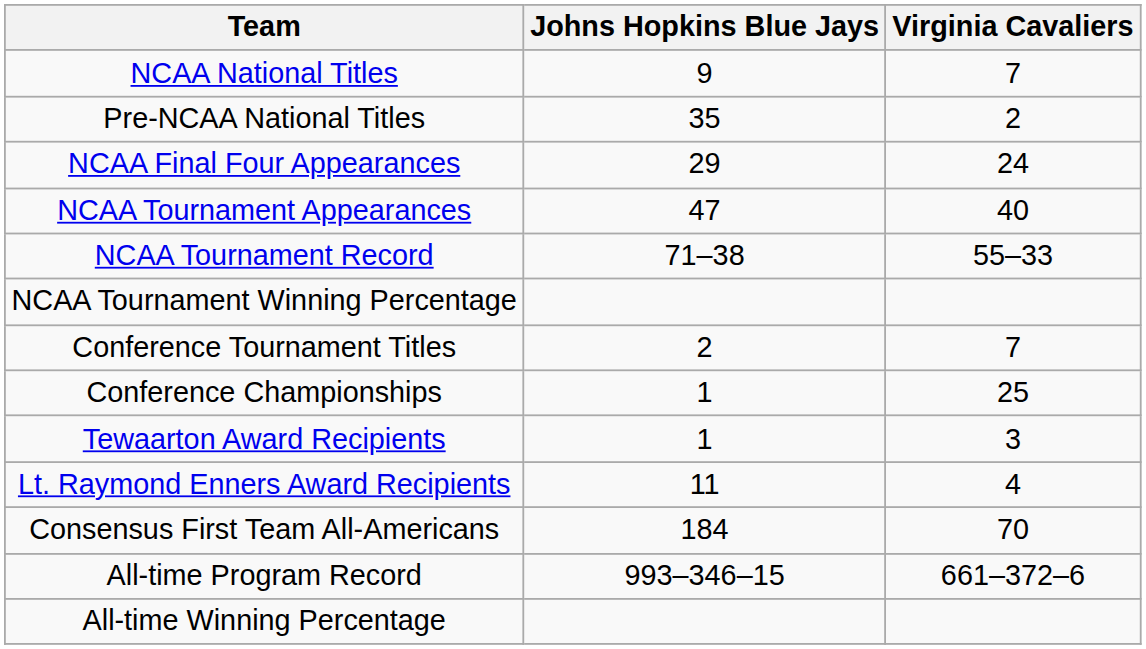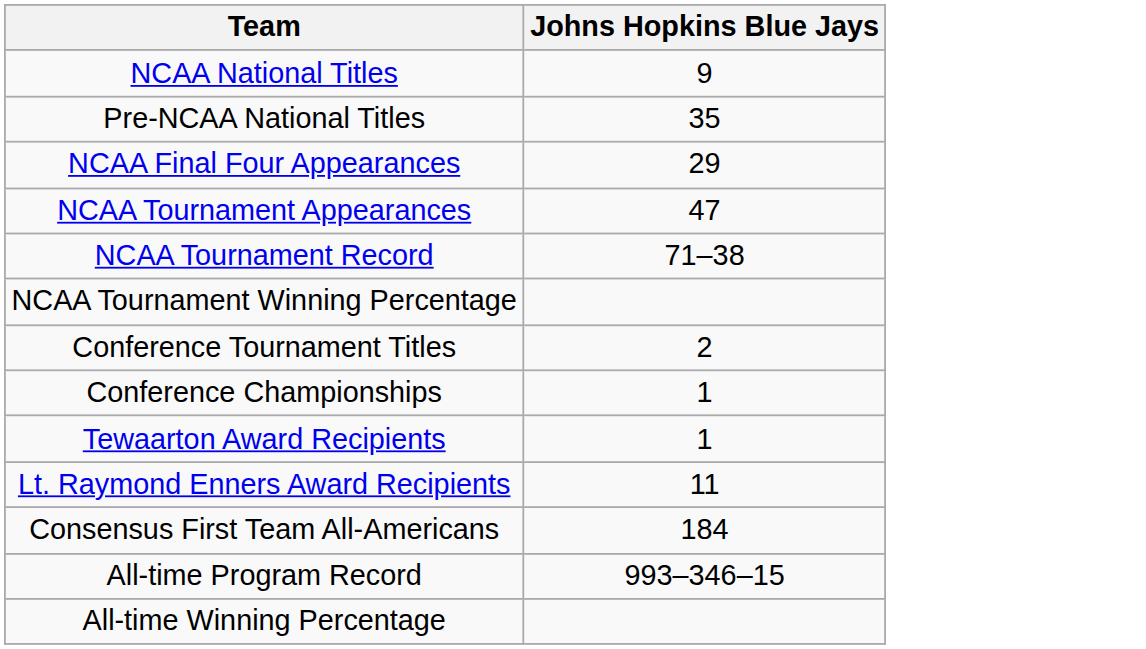 <table class="wikitable" style="text-align:center;">
 <tr>
 <th>Team</th>
 <th>Johns Hopkins Blue Jays</th>
-<th>Virginia Cavaliers</th>
 </tr>
 <tr>
 <td><a href='#'>NCAA National Titles</a></td>
 <td>9</td>
-<td>7</td>
 </tr>
 <tr>
 <td>Pre-NCAA National Titles</td>
 <td>35</td>
-<td>2</td>
 </tr>
 <tr>
 <td><a href='#'>NCAA Final Four Appearances</a></td>
 <td>29</td>
-<td>24</td>
 </tr>
 <tr>
 <td><a href='#'>NCAA Tournament Appearances</a></td>
 <td>47</td>
-<td>40</td>
 </tr>
 <tr>
 <td><a href='#'>NCAA Tournament Record</a></td>
 <td>71–38</td>
-<td>55–33</td>
 </tr>
 <tr>
 <td>NCAA Tournament Winning Percentage</td>
-<td></td>
 <td></td>
 </tr>
 <tr>
 <td>Conference Tournament Titles</td>
 <td>2</td>
-<td>7</td>
 </tr>
 <tr>
 <td>Conference Championships</td>
 <td>1</td>
-<td>25</td>
 </tr>
 <tr>
 <td><a href='#'>Tewaarton Award Recipients</a></td>
 <td>1</td>
-<td>3</td>
 </tr>
 <tr>
 <td><a href='#'>Lt. Raymond Enners Award Recipients</a></td>
 <td>11</td>
-<td>4</td>
 </tr>
 <tr>
 <td>Consensus First Team All-Americans</td>
 <td>184</td>
-<td>70</td>
 </tr>
 <tr>
 <td>All-time Program Record</td>
 <td>993–346–15</td>
-<td>661–372–6</td>
 </tr>
 <tr>
 <td>All-time Winning Percentage</td>
 <td></td>
-<td></td>
 </tr>
 </table>
